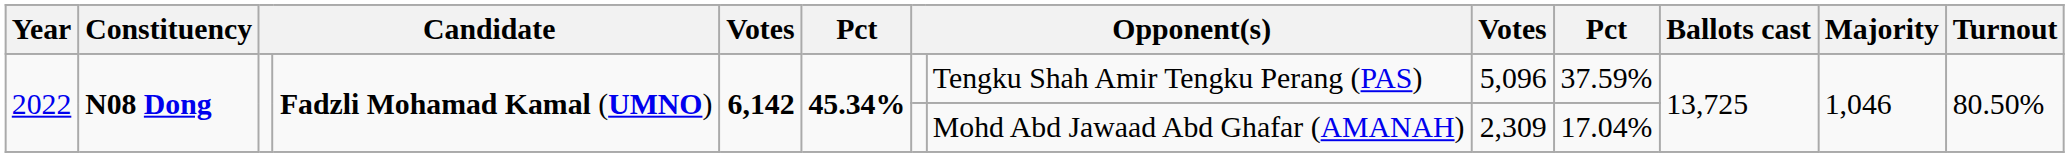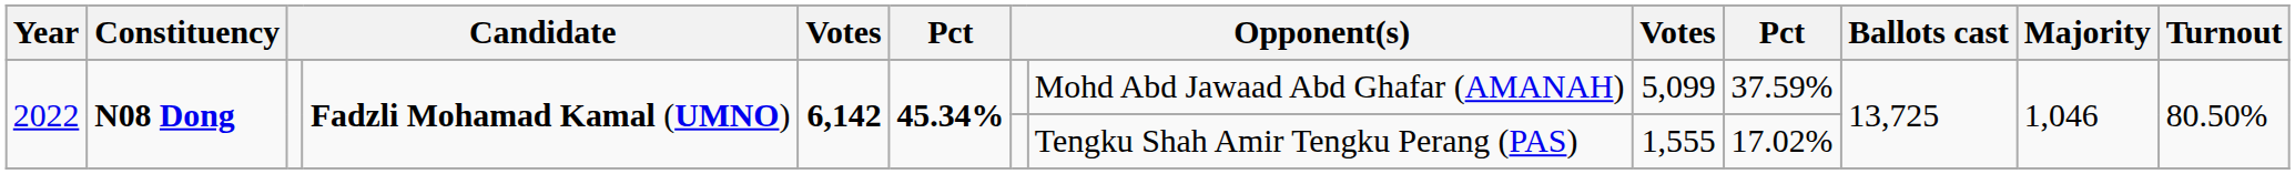 <table class="wikitable" style="margin:0.5em ; font-size:95%">
 <tr>
 <th>Year</th>
 <th>Constituency</th>
 <th colspan=2>Candidate</th>
 <th>Votes</th>
 <th>Pct</th>
 <th colspan=2>Opponent(s)</th>
 <th>Votes</th>
 <th>Pct</th>
 <th>Ballots cast</th>
 <th>Majority</th>
 <th>Turnout</th>
 </tr>
 <tr>
 <td rowspan=2><a href='#'>2022</a></td>
 <td rowspan=2><strong>N08 <a href='#'>Dong</a></strong></td>
 <td rowspan=2 ></td>
 <td rowspan=2><strong>Fadzli Mohamad Kamal</strong> (<a href='#'><strong>UMNO</strong></a>)</td>
 <td rowspan=2 align="right"><strong>6,142</strong></td>
 <td rowspan=2><strong>45.34%</strong></td>
 <td></td>
-<td>Tengku Shah Amir Tengku Perang (<a href='#'>PAS</a>)</td>
-<td align="right">5,096</td>
+<td>Mohd Abd Jawaad Abd Ghafar (<a href='#'>AMANAH</a>)</td>
+<td align="right">5,099</td>
 <td>37.59%</td>
 <td rowspan=2>13,725</td>
 <td rowspan=2>1,046</td>
 <td rowspan=2>80.50%</td>
 </tr>
 <tr>
 <td></td>
-<td>Mohd Abd Jawaad Abd Ghafar (<a href='#'>AMANAH</a>)</td>
-<td align="right">2,309</td>
-<td>17.04%</td>
+<td>Tengku Shah Amir Tengku Perang (<a href='#'>PAS</a>)</td>
+<td align="right">1,555</td>
+<td>17.02%</td>
 </tr>
 </table>
